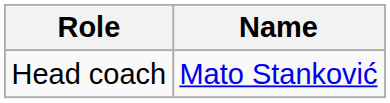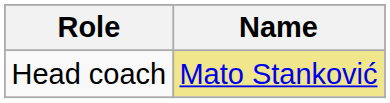 <table class="wikitable">
 <tr>
 <th>Role</th>
 <th>Name</th>
 </tr>
 <tr>
 <td>Head coach</td>
-<td> <a href='#'>Mato Stanković</a></td>
+<td style="background: khaki;"> <a href='#'>Mato Stanković</a></td>
 </tr>
 </table>
